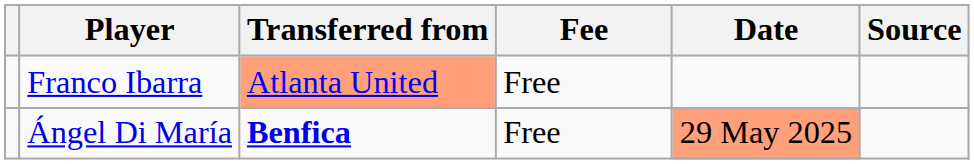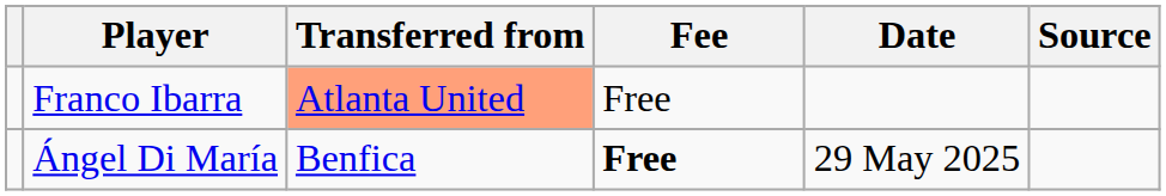 <table class="wikitable plainrowheaders sortable">
 <tr>
 <th></th>
 <th scope="col">Player</th>
 <th>Transferred from</th>
 <th style="width: 80px;">Fee</th>
 <th scope="col">Date</th>
 <th scope="col">Source</th>
 </tr>
 <tr>
 <td align="center"></td>
 <td> <a href='#'>Franco Ibarra</a></td>
 <td style="background: lightsalmon;"> <a href='#'>Atlanta United</a></td>
 <td>Free</td>
 <td></td>
 </tr>
 <tr>
 <td align="center"></td>
 <td> <a href='#'>Ángel Di María</a></td>
-<td><strong> <a href='#'>Benfica</a></strong></td>
-<td>Free</td>
-<td style="background: lightsalmon;">29 May 2025</td>
+<td> <a href='#'>Benfica</a></td>
+<td><strong>Free</strong></td>
+<td>29 May 2025</td>
 <td></td>
 </tr>
 </table>
